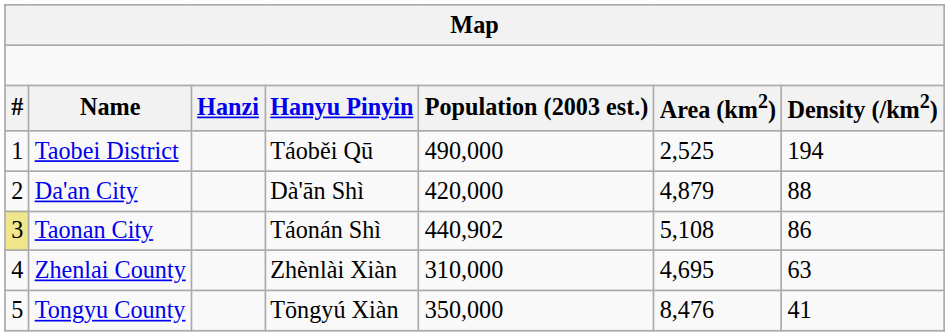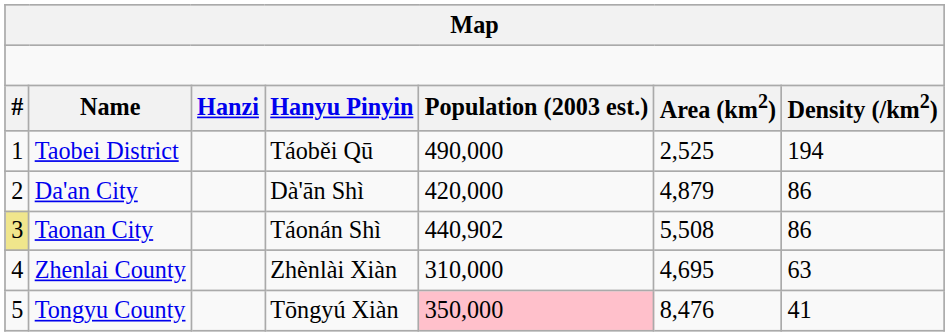 <table class="wikitable"  style="font-size:90%; margin:auto;">
 <tr>
 <th colspan="7" style="text-align:center;">Map</th>
 </tr>
 <tr>
 <td colspan="7" style="text-align:center;"><div><br>        </div></td>
 </tr>
 <tr>
 <th>#</th>
 <th>Name</th>
 <th><a href='#'>Hanzi</a></th>
 <th><a href='#'>Hanyu Pinyin</a></th>
 <th>Population (2003 est.)</th>
 <th>Area (km<sup>2</sup>)</th>
 <th>Density (/km<sup>2</sup>)</th>
 </tr>
 <tr>
 <td>1</td>
 <td><a href='#'>Taobei District</a></td>
 <td></td>
 <td>Táoběi Qū</td>
 <td>490,000</td>
 <td>2,525</td>
 <td>194</td>
 </tr>
 <tr>
 <td>2</td>
 <td><a href='#'>Da'an City</a></td>
 <td></td>
 <td>Dà'ān Shì</td>
 <td>420,000</td>
 <td>4,879</td>
-<td>88</td>
+<td>86</td>
 </tr>
 <tr>
 <td style="background: khaki;">3</td>
 <td><a href='#'>Taonan City</a></td>
 <td></td>
 <td>Táonán Shì</td>
 <td>440,902</td>
-<td>5,108</td>
+<td>5,508</td>
 <td>86</td>
 </tr>
 <tr>
 <td>4</td>
 <td><a href='#'>Zhenlai County</a></td>
 <td></td>
 <td>Zhènlài Xiàn</td>
 <td>310,000</td>
 <td>4,695</td>
 <td>63</td>
 </tr>
 <tr>
 <td>5</td>
 <td><a href='#'>Tongyu County</a></td>
 <td></td>
 <td>Tōngyú Xiàn</td>
-<td>350,000</td>
+<td style="background: pink;">350,000</td>
 <td>8,476</td>
 <td>41</td>
 </tr>
 </table>
